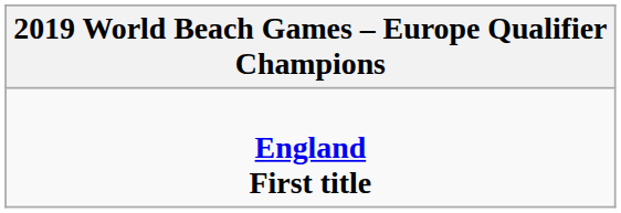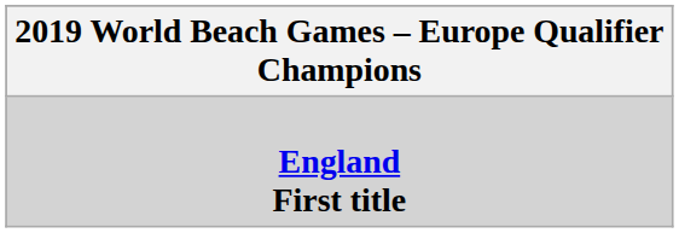 <table class="wikitable" style="margin: 0 auto;">
 <tr>
 <th>2019 World Beach Games – Europe Qualifier<br>Champions</th>
 </tr>
 <tr>
-<td align=center><br><strong><a href='#'>England</a></strong><br><strong>First title</strong></td>
+<td align=center style="background: lightgrey;"><br><strong><a href='#'>England</a></strong><br><strong>First title</strong></td>
 </tr>
 </table>
